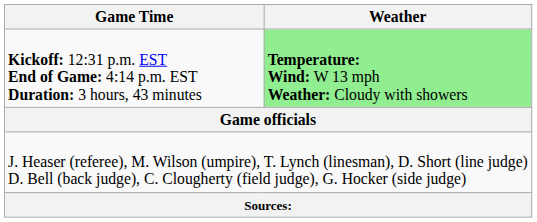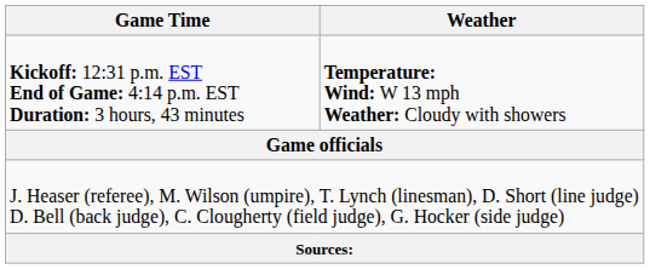 <table class="wikitable">
 <tr>
 <th>Game Time</th>
 <th>Weather</th>
 </tr>
 <tr>
 <td><br><strong>Kickoff:</strong> 12:31 p.m. <a href='#'>EST</a><br> <strong>End of Game:</strong> 4:14 p.m. EST<br> <strong>Duration:</strong> 3 hours, 43 minutes</td>
-<td style="background: lightgreen;"><br><strong>Temperature:</strong> <br> <strong>Wind:</strong> W 13 mph<br> <strong>Weather:</strong> Cloudy with showers</td>
+<td><br><strong>Temperature:</strong> <br> <strong>Wind:</strong> W 13 mph<br> <strong>Weather:</strong> Cloudy with showers</td>
 </tr>
 <tr>
 <th colspan=2>Game officials</th>
 </tr>
 <tr>
 <td colspan=2><br>J. Heaser (referee), M. Wilson (umpire), T. Lynch (linesman), D. Short (line judge)<br>D. Bell (back judge), C. Clougherty (field judge), G. Hocker (side judge)</td>
 </tr>
 <tr>
 <th colspan=2><small>Sources:</small></th>
 </tr>
 </table>
